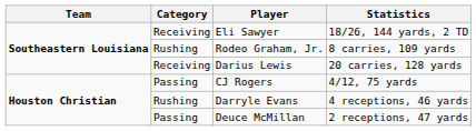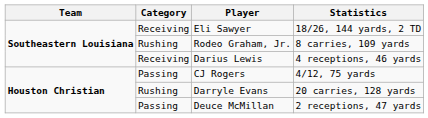 <table class="wikitable" style="float: right;">
 <tr>
 <th>Team</th>
 <th>Category</th>
 <th>Player</th>
 <th>Statistics</th>
 </tr>
 <tr>
 <td rowspan=3><strong>Southeastern Louisiana</strong></td>
 <td>Receiving</td>
 <td>Eli Sawyer</td>
 <td>18/26, 144 yards, 2 TD</td>
 </tr>
 <tr>
 <td>Rushing</td>
 <td>Rodeo Graham, Jr.</td>
 <td>8 carries, 109 yards</td>
 </tr>
 <tr>
 <td>Receiving</td>
 <td>Darius Lewis</td>
-<td>20 carries, 128 yards</td>
+<td>4 receptions, 46 yards</td>
 </tr>
 <tr>
 <td rowspan=3><strong>Houston Christian</strong></td>
 <td>Passing</td>
 <td>CJ Rogers</td>
 <td>4/12, 75 yards</td>
 </tr>
 <tr>
 <td>Rushing</td>
 <td>Darryle Evans</td>
-<td>4 receptions, 46 yards</td>
+<td>20 carries, 128 yards</td>
 </tr>
 <tr>
 <td>Passing</td>
 <td>Deuce McMillan</td>
 <td>2 receptions, 47 yards</td>
 </tr>
 </table>
